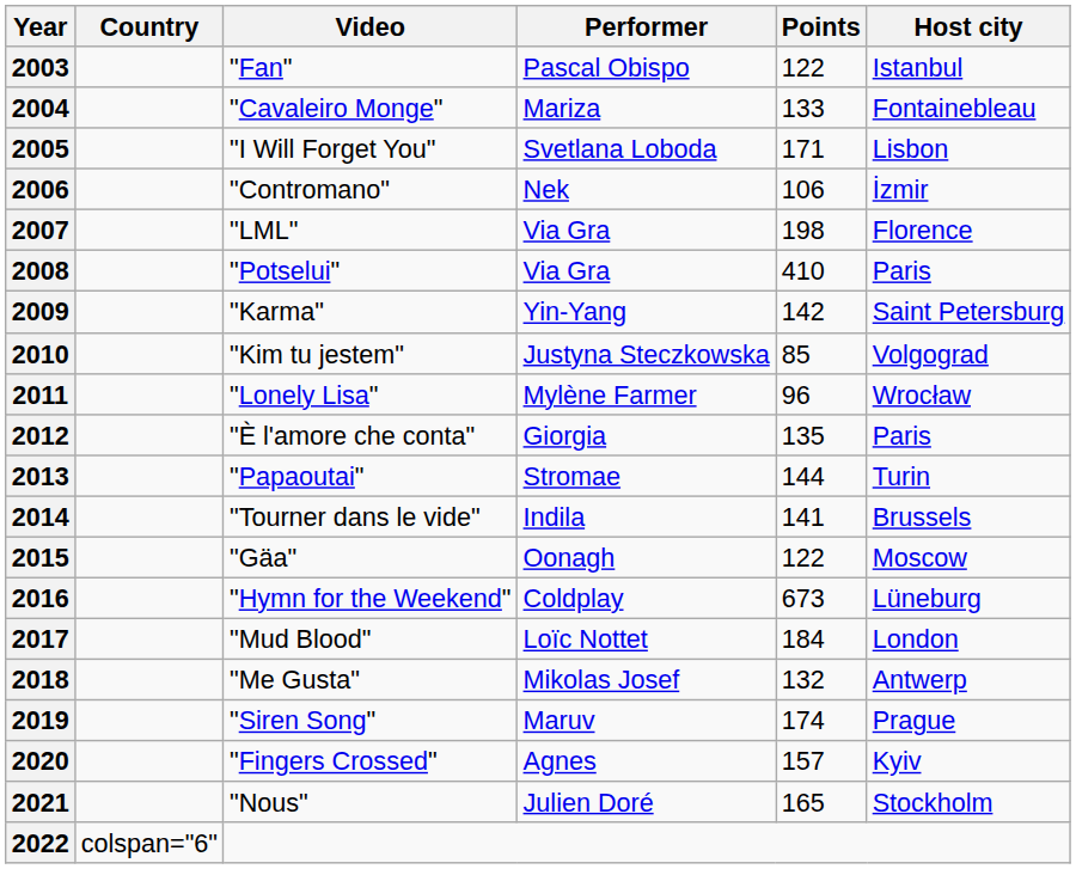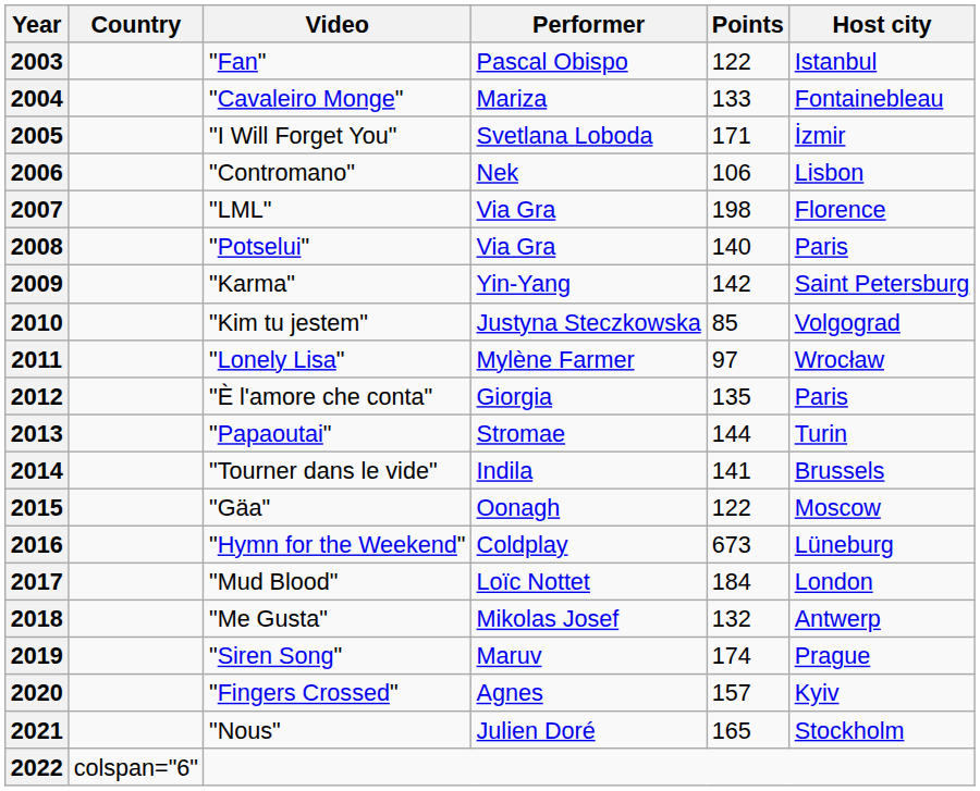 <table class="wikitable tsx_sortable" style="font-size: 95%">
 <tr style="background:#efefef">
 <th class="autorowspan">Year</th>
 <th class="autorowspan">Country</th>
 <th class="unsortable">Video</th>
 <th class="unsortable">Performer</th>
 <th class="autorowspan">Points</th>
 <th class="unsortable">Host city</th>
 </tr>
 <tr>
 <th>2003</th>
 <td></td>
 <td>"<a href='#'>Fan</a>"</td>
 <td><a href='#'>Pascal Obispo</a></td>
 <td>122</td>
 <td> <a href='#'>Istanbul</a></td>
 </tr>
 <tr>
 <th>2004</th>
 <td></td>
 <td>"<a href='#'>Cavaleiro Monge</a>"</td>
 <td><a href='#'>Mariza</a></td>
 <td>133</td>
 <td> <a href='#'>Fontainebleau</a></td>
 </tr>
 <tr>
 <th>2005</th>
 <td></td>
 <td>"I Will Forget You"</td>
 <td><a href='#'>Svetlana Loboda</a></td>
 <td>171</td>
-<td> <a href='#'>Lisbon</a></td>
+<td> <a href='#'>İzmir</a></td>
 </tr>
 <tr>
 <th>2006</th>
 <td></td>
 <td>"Contromano"</td>
 <td><a href='#'>Nek</a></td>
 <td>106</td>
-<td> <a href='#'>İzmir</a></td>
+<td> <a href='#'>Lisbon</a></td>
 </tr>
 <tr>
 <th>2007</th>
 <td></td>
 <td>"LML"</td>
 <td><a href='#'>Via Gra</a></td>
 <td>198</td>
 <td> <a href='#'>Florence</a></td>
 </tr>
 <tr>
 <th>2008</th>
 <td></td>
 <td>"<a href='#'>Potselui</a>"</td>
 <td><a href='#'>Via Gra</a></td>
-<td>410</td>
+<td>140</td>
 <td> <a href='#'>Paris</a></td>
 </tr>
 <tr>
 <th>2009</th>
 <td></td>
 <td>"Karma"</td>
 <td><a href='#'>Yin-Yang</a></td>
 <td>142</td>
 <td> <a href='#'>Saint Petersburg</a></td>
 </tr>
 <tr>
 <th>2010</th>
 <td></td>
 <td>"Kim tu jestem"</td>
 <td><a href='#'>Justyna Steczkowska</a></td>
 <td>85</td>
 <td> <a href='#'>Volgograd</a></td>
 </tr>
 <tr>
 <th>2011</th>
 <td></td>
 <td>"<a href='#'>Lonely Lisa</a>"</td>
 <td><a href='#'>Mylène Farmer</a></td>
-<td>96</td>
+<td>97</td>
 <td> <a href='#'>Wrocław</a></td>
 </tr>
 <tr>
 <th>2012</th>
 <td></td>
 <td>"È l'amore che conta"</td>
 <td><a href='#'>Giorgia</a></td>
 <td>135</td>
 <td> <a href='#'>Paris</a></td>
 </tr>
 <tr>
 <th>2013</th>
 <td></td>
 <td>"<a href='#'>Papaoutai</a>"</td>
 <td><a href='#'>Stromae</a></td>
 <td>144</td>
 <td> <a href='#'>Turin</a></td>
 </tr>
 <tr>
 <th>2014</th>
 <td></td>
 <td>"Tourner dans le vide"</td>
 <td><a href='#'>Indila</a></td>
 <td>141</td>
 <td> <a href='#'>Brussels</a></td>
 </tr>
 <tr>
 <th>2015</th>
 <td></td>
 <td>"Gäa"</td>
 <td><a href='#'>Oonagh</a></td>
 <td>122</td>
 <td> <a href='#'>Moscow</a></td>
 </tr>
 <tr>
 <th>2016</th>
 <td></td>
 <td>"<a href='#'>Hymn for the Weekend</a>"</td>
 <td><a href='#'>Coldplay</a></td>
 <td>673</td>
 <td> <a href='#'>Lüneburg</a></td>
 </tr>
 <tr>
 <th>2017</th>
 <td></td>
 <td>"Mud Blood"</td>
 <td><a href='#'>Loïc Nottet</a></td>
 <td>184</td>
 <td> <a href='#'>London</a></td>
 </tr>
 <tr>
 <th>2018</th>
 <td></td>
 <td>"Me Gusta"</td>
 <td><a href='#'>Mikolas Josef</a></td>
 <td>132</td>
 <td>  <a href='#'>Antwerp</a></td>
 </tr>
 <tr>
 <th>2019</th>
 <td></td>
 <td>"<a href='#'>Siren Song</a>"</td>
 <td><a href='#'>Maruv</a></td>
 <td>174</td>
 <td>  <a href='#'>Prague</a></td>
 </tr>
 <tr>
 <th>2020</th>
 <td></td>
 <td>"<a href='#'>Fingers Crossed</a>"</td>
 <td><a href='#'>Agnes</a></td>
 <td>157</td>
 <td>  <a href='#'>Kyiv</a></td>
 </tr>
 <tr>
 <th>2021</th>
 <td></td>
 <td>"Nous"</td>
 <td><a href='#'>Julien Doré</a></td>
 <td>165</td>
 <td>  <a href='#'>Stockholm</a></td>
 </tr>
 <tr>
 <th>2022</th>
 <td>colspan="6" </td>
 </tr>
 </table>
